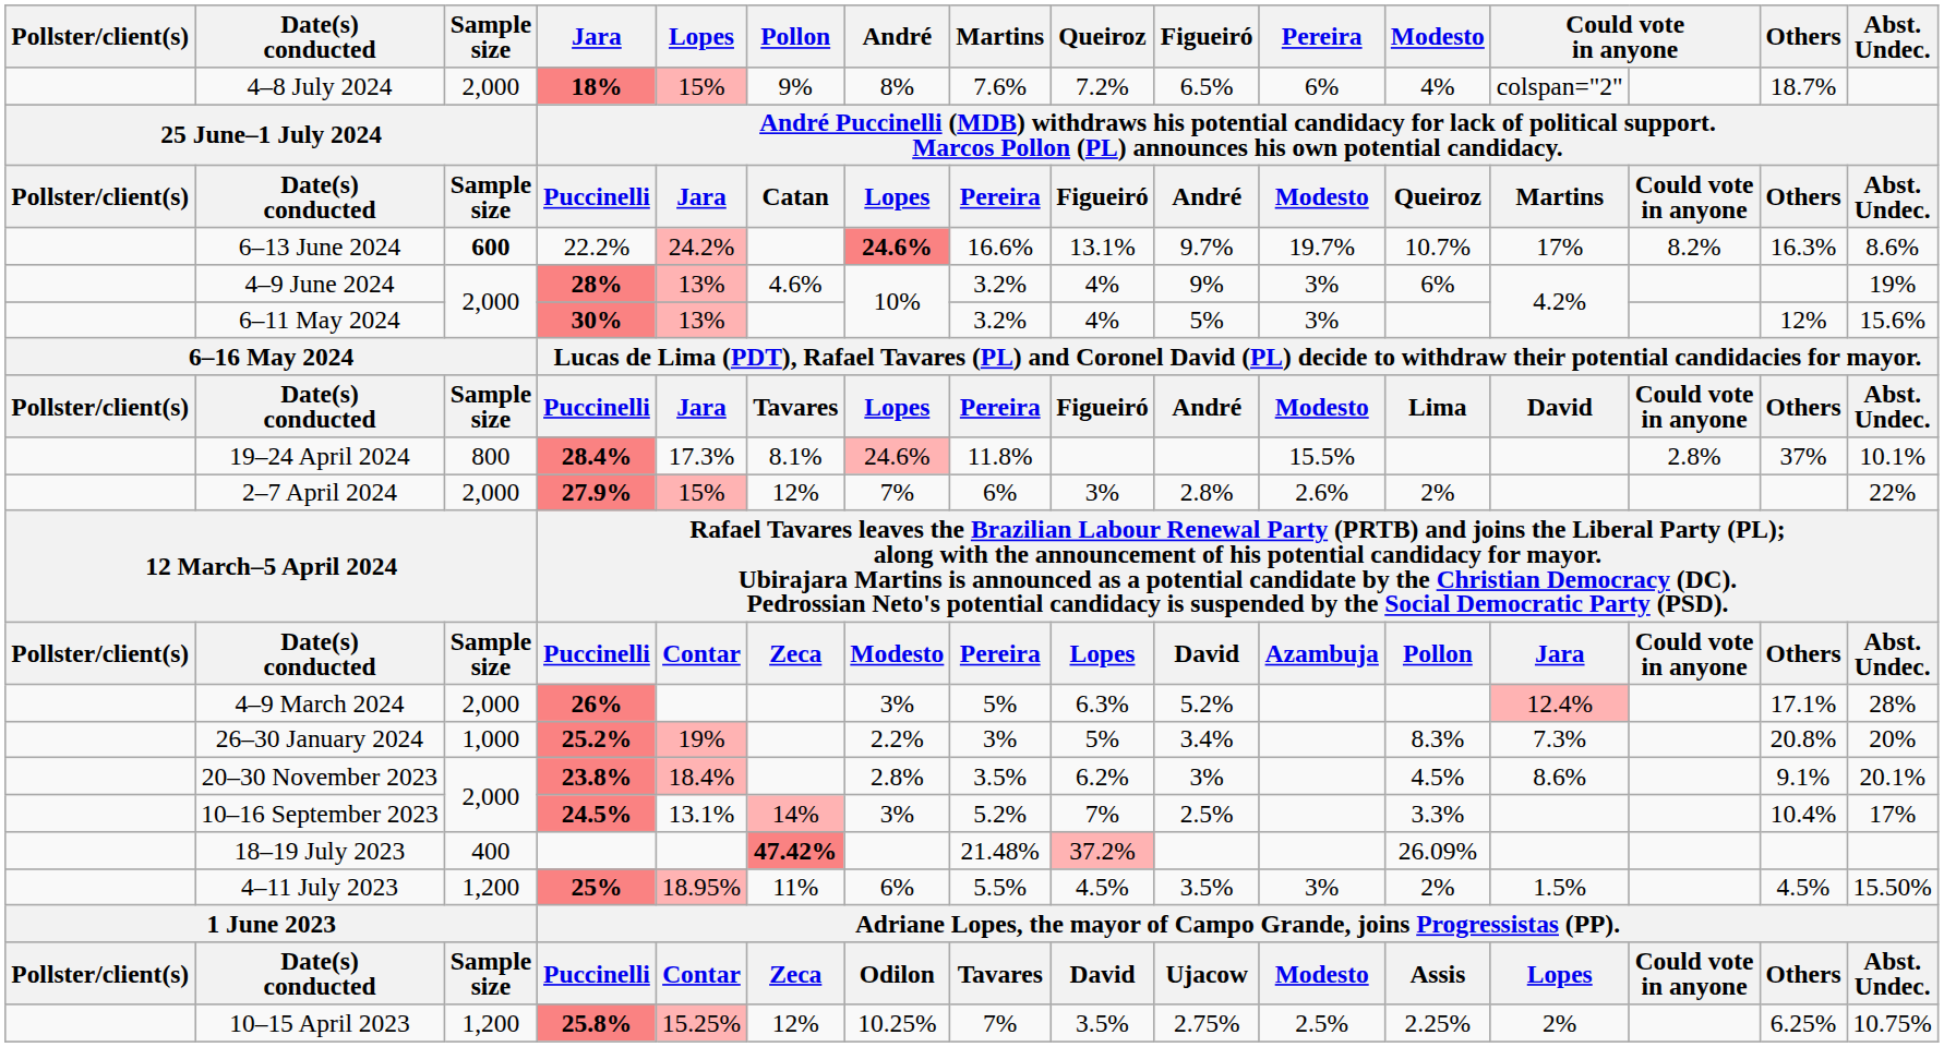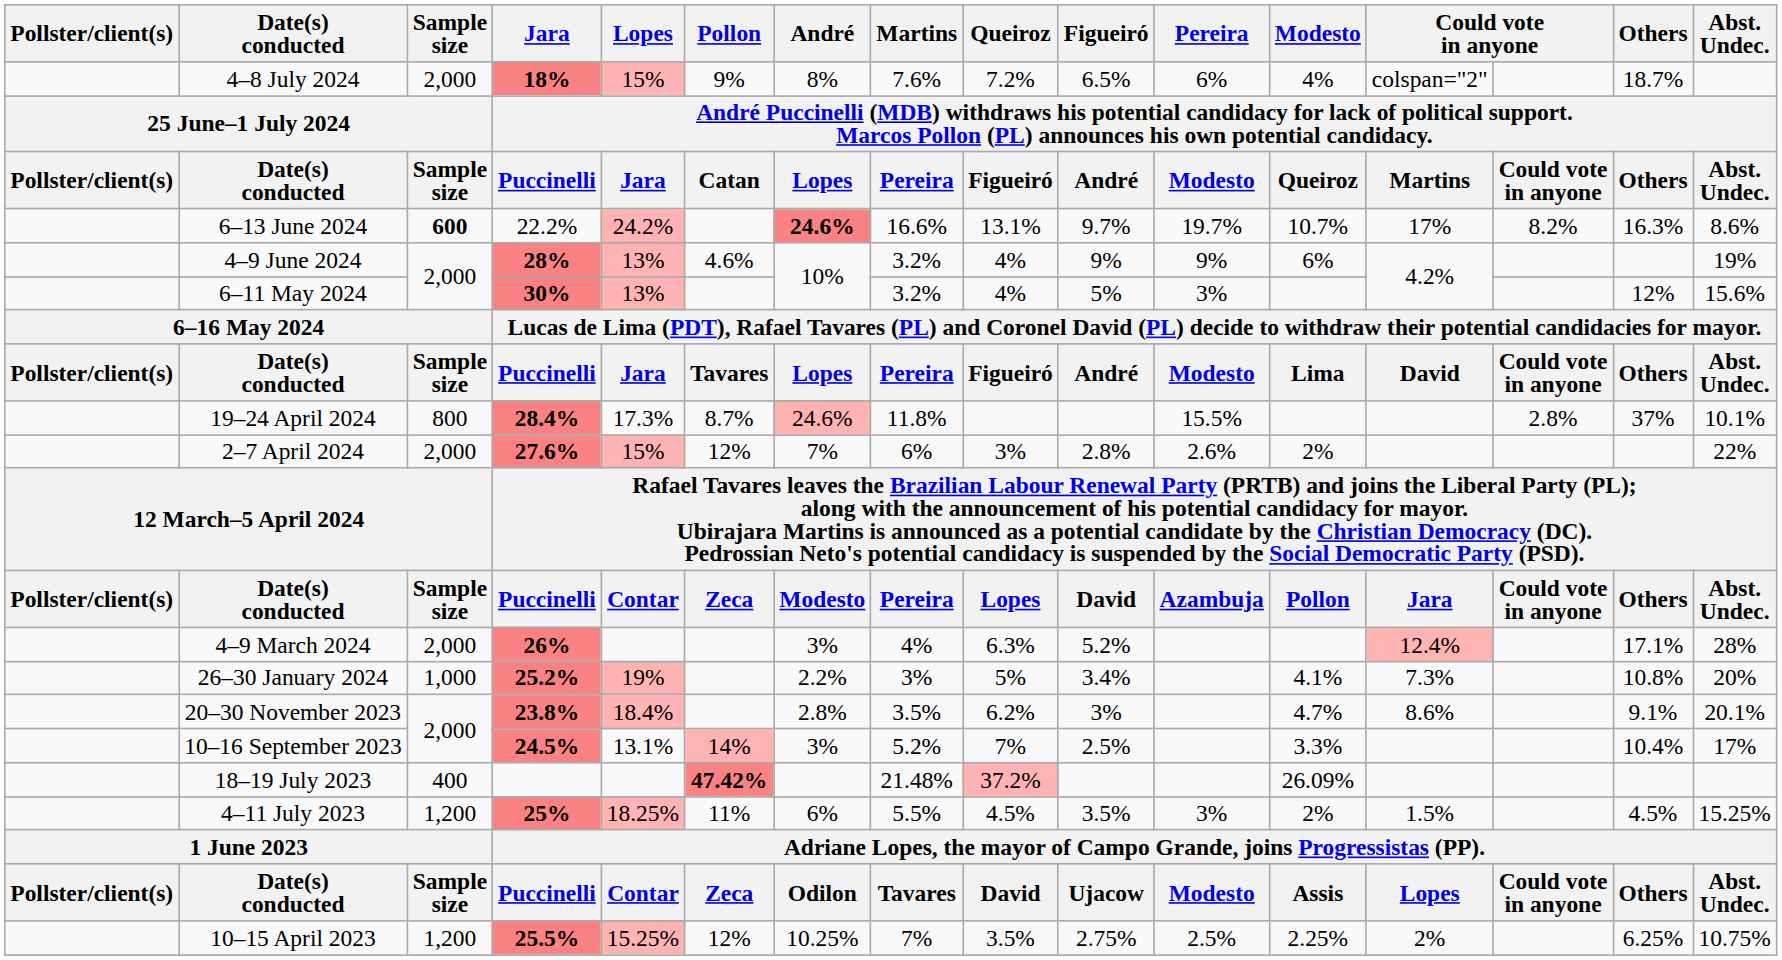 <table class="wikitable" style="text-align:center;font-size:90%;line-height:14px;">
 <tr>
 <th>Pollster/client(s)</th>
 <th>Date(s)<br>conducted</th>
 <th>Sample<br>size</th>
 <th><a href='#'>Jara</a><br></th>
 <th><a href='#'>Lopes</a><br></th>
 <th><a href='#'>Pollon</a><br></th>
 <th>André<br></th>
 <th>Martins<br></th>
 <th>Queiroz<br></th>
 <th>Figueiró<br></th>
 <th><a href='#'>Pereira</a><br></th>
 <th><a href='#'>Modesto</a><br></th>
 <th colspan="2">Could vote<br>in anyone</th>
 <th>Others</th>
 <th>Abst.<br>Undec.</th>
 </tr>
 <tr>
 <td></td>
 <td>4–8 July 2024</td>
 <td>2,000</td>
 <td style="background:#fa8282;"><strong>18%</strong></td>
 <td style="background:#ffb3b3;">15%</td>
 <td>9%</td>
 <td>8%</td>
 <td>7.6%</td>
 <td>7.2%</td>
 <td>6.5%</td>
 <td>6%</td>
 <td>4%</td>
 <td>colspan="2" </td>
 <td></td>
 <td>18.7%</td>
 </tr>
 <tr>
 <th colspan="3">25 June–1 July 2024</th>
 <th colspan="13"><a href='#'>André Puccinelli</a> (<a href='#'>MDB</a>) withdraws his potential candidacy for lack of political support.<br><a href='#'>Marcos Pollon</a> (<a href='#'>PL</a>) announces his own potential candidacy.</th>
 </tr>
 <tr>
 <th>Pollster/client(s)</th>
 <th>Date(s)<br>conducted</th>
 <th>Sample<br>size</th>
 <th><a href='#'>Puccinelli</a><br></th>
 <th><a href='#'>Jara</a><br></th>
 <th>Catan<br></th>
 <th><a href='#'>Lopes</a><br></th>
 <th><a href='#'>Pereira</a><br></th>
 <th>Figueiró<br></th>
 <th>André<br></th>
 <th><a href='#'>Modesto</a><br></th>
 <th>Queiroz<br></th>
 <th>Martins<br></th>
 <th>Could vote<br>in anyone</th>
 <th>Others</th>
 <th>Abst.<br>Undec.</th>
 </tr>
 <tr>
 <td></td>
 <td>6–13 June 2024</td>
 <td><strong>600</strong></td>
 <td>22.2%</td>
 <td style="background:#ffb3b3;">24.2%</td>
 <td></td>
 <td style="background:#fa8282;"><strong>24.6%</strong></td>
 <td>16.6%</td>
 <td>13.1%</td>
 <td>9.7%</td>
 <td>19.7%</td>
 <td>10.7%</td>
 <td>17%</td>
 <td>8.2%</td>
 <td>16.3%</td>
 <td>8.6%</td>
 </tr>
 <tr>
 <td></td>
 <td>4–9 June 2024</td>
 <td rowspan="2">2,000</td>
 <td style="background:#fa8282;"><strong>28%</strong></td>
 <td style="background:#ffb3b3;">13%</td>
 <td>4.6%</td>
 <td rowspan="2">10%</td>
 <td>3.2%</td>
 <td>4%</td>
 <td>9%</td>
-<td>3%</td>
+<td>9%</td>
 <td>6%</td>
 <td rowspan="2">4.2%</td>
 <td></td>
 <td></td>
 <td>19%</td>
 </tr>
 <tr>
 <td></td>
 <td>6–11 May 2024</td>
 <td style="background:#fa8282;"><strong>30%</strong></td>
 <td style="background:#ffb3b3;">13%</td>
 <td></td>
 <td>3.2%</td>
 <td>4%</td>
 <td>5%</td>
 <td>3%</td>
 <td></td>
 <td></td>
 <td>12%</td>
 <td>15.6%</td>
 </tr>
 <tr>
 <th colspan="3">6–16 May 2024</th>
 <th colspan="13">Lucas de Lima (<a href='#'>PDT</a>), Rafael Tavares (<a href='#'>PL</a>) and Coronel David (<a href='#'>PL</a>) decide to withdraw their potential candidacies for mayor.</th>
 </tr>
 <tr>
 <th>Pollster/client(s)</th>
 <th>Date(s)<br>conducted</th>
 <th>Sample<br>size</th>
 <th><a href='#'>Puccinelli</a><br></th>
 <th><a href='#'>Jara</a><br></th>
 <th>Tavares<br></th>
 <th><a href='#'>Lopes</a><br></th>
 <th><a href='#'>Pereira</a><br></th>
 <th>Figueiró<br></th>
 <th>André<br></th>
 <th><a href='#'>Modesto</a><br></th>
 <th>Lima<br></th>
 <th>David<br></th>
 <th>Could vote<br>in anyone</th>
 <th>Others</th>
 <th>Abst.<br>Undec.</th>
 </tr>
 <tr>
 <td></td>
 <td>19–24 April 2024</td>
 <td>800</td>
 <td style="background:#fa8282;"><strong>28.4%</strong></td>
 <td>17.3%</td>
-<td>8.1%</td>
+<td>8.7%</td>
 <td style="background:#ffb3b3;">24.6%</td>
 <td>11.8%</td>
 <td></td>
 <td></td>
 <td>15.5%</td>
 <td></td>
 <td></td>
 <td>2.8%</td>
 <td>37%</td>
 <td>10.1%</td>
 </tr>
 <tr>
 <td></td>
 <td>2–7 April 2024</td>
 <td>2,000</td>
-<td style="background:#fa8282;"><strong>27.9%</strong></td>
+<td style="background:#fa8282;"><strong>27.6%</strong></td>
 <td style="background:#ffb3b3;">15%</td>
 <td>12%</td>
 <td>7%</td>
 <td>6%</td>
 <td>3%</td>
 <td>2.8%</td>
 <td>2.6%</td>
 <td>2%</td>
 <td></td>
 <td></td>
 <td></td>
 <td>22%</td>
 </tr>
 <tr>
 <th colspan="3">12 March–5 April 2024</th>
 <th colspan="13">Rafael Tavares leaves the <a href='#'>Brazilian Labour Renewal Party</a> (PRTB) and joins the Liberal Party (PL);<br>along with the announcement of his potential candidacy for mayor.<br>Ubirajara Martins is announced as a potential candidate by the <a href='#'>Christian Democracy</a> (DC).<br>Pedrossian Neto's potential candidacy is suspended by the <a href='#'>Social Democratic Party</a> (PSD).</th>
 </tr>
 <tr>
 <th>Pollster/client(s)</th>
 <th>Date(s)<br>conducted</th>
 <th>Sample<br>size</th>
 <th><a href='#'>Puccinelli</a><br></th>
 <th><a href='#'>Contar</a><br></th>
 <th><a href='#'>Zeca</a><br></th>
 <th><a href='#'>Modesto</a><br></th>
 <th><a href='#'>Pereira</a><br></th>
 <th><a href='#'>Lopes</a><br></th>
 <th>David<br></th>
 <th><a href='#'>Azambuja</a><br></th>
 <th><a href='#'>Pollon</a><br></th>
 <th><a href='#'>Jara</a><br></th>
 <th>Could vote<br>in anyone</th>
 <th>Others</th>
 <th>Abst.<br>Undec.</th>
 </tr>
 <tr>
 <td></td>
 <td>4–9 March 2024</td>
 <td>2,000</td>
 <td style="background:#fa8282;"><strong>26%</strong></td>
 <td></td>
 <td></td>
 <td>3%</td>
-<td>5%</td>
+<td>4%</td>
 <td>6.3%</td>
 <td>5.2%</td>
 <td></td>
 <td></td>
 <td style="background:#ffb3b3;">12.4%</td>
 <td></td>
 <td>17.1%</td>
 <td>28%</td>
 </tr>
 <tr>
 <td></td>
 <td>26–30 January 2024</td>
 <td>1,000</td>
 <td style="background:#fa8282;"><strong>25.2%</strong></td>
 <td style="background:#ffb3b3;">19%</td>
 <td></td>
 <td>2.2%</td>
 <td>3%</td>
 <td>5%</td>
 <td>3.4%</td>
 <td></td>
-<td>8.3%</td>
+<td>4.1%</td>
 <td>7.3%</td>
 <td></td>
-<td>20.8%</td>
+<td>10.8%</td>
 <td>20%</td>
 </tr>
 <tr>
 <td></td>
 <td>20–30 November 2023</td>
 <td rowspan="2">2,000</td>
 <td style="background:#fa8282;"><strong>23.8%</strong></td>
 <td style="background:#ffb3b3;">18.4%</td>
 <td></td>
 <td>2.8%</td>
 <td>3.5%</td>
 <td>6.2%</td>
 <td>3%</td>
 <td></td>
-<td>4.5%</td>
+<td>4.7%</td>
 <td>8.6%</td>
 <td></td>
 <td>9.1%</td>
 <td>20.1%</td>
 </tr>
 <tr>
 <td></td>
 <td>10–16 September 2023</td>
 <td style="background:#fa8282;"><strong>24.5%</strong></td>
 <td>13.1%</td>
 <td style="background:#ffb3b3;">14%</td>
 <td>3%</td>
 <td>5.2%</td>
 <td>7%</td>
 <td>2.5%</td>
 <td></td>
 <td>3.3%</td>
 <td></td>
 <td></td>
 <td>10.4%</td>
 <td>17%</td>
 </tr>
 <tr>
 <td></td>
 <td>18–19 July 2023</td>
 <td>400</td>
 <td></td>
 <td></td>
 <td style="background:#fa8282;"><strong>47.42%</strong></td>
 <td></td>
 <td>21.48%</td>
 <td style="background:#ffb3b3;">37.2%</td>
 <td></td>
 <td></td>
 <td>26.09%</td>
 <td></td>
 <td></td>
 <td></td>
 <td></td>
 </tr>
 <tr>
 <td></td>
 <td>4–11 July 2023</td>
 <td>1,200</td>
 <td style="background:#fa8282;"><strong>25%</strong></td>
-<td style="background:#ffb3b3;">18.95%</td>
+<td style="background:#ffb3b3;">18.25%</td>
 <td>11%</td>
 <td>6%</td>
 <td>5.5%</td>
 <td>4.5%</td>
 <td>3.5%</td>
 <td>3%</td>
 <td>2%</td>
 <td>1.5%</td>
 <td></td>
 <td>4.5%</td>
-<td>15.50%</td>
+<td>15.25%</td>
 </tr>
 <tr>
 <th colspan="3">1 June 2023</th>
 <th colspan="13">Adriane Lopes, the mayor of Campo Grande, joins <a href='#'>Progressistas</a> (PP).</th>
 </tr>
 <tr>
 <th>Pollster/client(s)</th>
 <th>Date(s)<br>conducted</th>
 <th>Sample<br>size</th>
 <th><a href='#'>Puccinelli</a><br></th>
 <th><a href='#'>Contar</a><br></th>
 <th><a href='#'>Zeca</a><br></th>
 <th>Odilon<br></th>
 <th>Tavares<br></th>
 <th>David<br></th>
 <th>Ujacow<br></th>
 <th><a href='#'>Modesto</a><br></th>
 <th>Assis<br></th>
 <th><a href='#'>Lopes</a><br></th>
 <th>Could vote<br>in anyone</th>
 <th>Others</th>
 <th>Abst.<br>Undec.</th>
 </tr>
 <tr>
 <td></td>
 <td>10–15 April 2023</td>
 <td>1,200</td>
-<td style="background:#fa8282;"><strong>25.8%</strong></td>
+<td style="background:#fa8282;"><strong>25.5%</strong></td>
 <td style="background:#ffb3b3;">15.25%</td>
 <td>12%</td>
 <td>10.25%</td>
 <td>7%</td>
 <td>3.5%</td>
 <td>2.75%</td>
 <td>2.5%</td>
 <td>2.25%</td>
 <td>2%</td>
 <td></td>
 <td>6.25%</td>
 <td>10.75%</td>
 </tr>
 </table>
